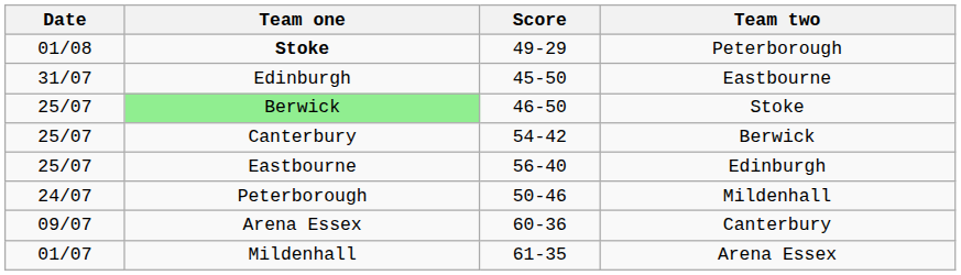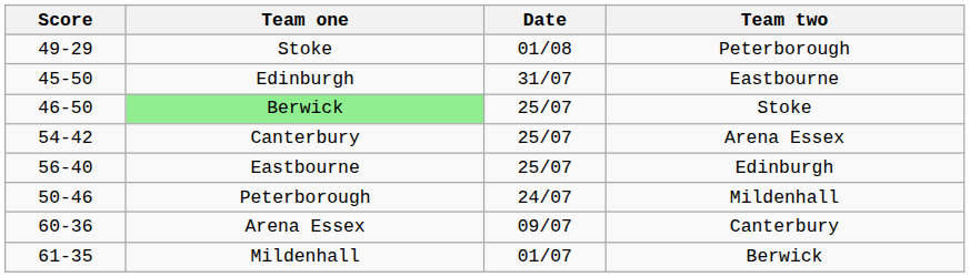 <table class="wikitable" style="text-align: center">
 <tr>
+<th width=80>Score</th>
+<th width=250>Team one</th>
 <th width=80>Date</th>
-<th width=250>Team one</th>
-<th width=80>Score</th>
 <th width=250>Team two</th>
 </tr>
 <tr>
+<td>49-29</td>
+<td>Stoke</td>
 <td>01/08</td>
-<td><strong>Stoke</strong></td>
-<td>49-29</td>
 <td>Peterborough</td>
 </tr>
 <tr>
+<td>45-50</td>
+<td>Edinburgh</td>
 <td>31/07</td>
-<td>Edinburgh</td>
-<td>45-50</td>
 <td>Eastbourne</td>
 </tr>
 <tr>
+<td>46-50</td>
+<td style="background: lightgreen;">Berwick</td>
 <td>25/07</td>
-<td style="background: lightgreen;">Berwick</td>
-<td>46-50</td>
 <td>Stoke</td>
 </tr>
 <tr>
+<td>54-42</td>
+<td>Canterbury</td>
 <td>25/07</td>
-<td>Canterbury</td>
-<td>54-42</td>
-<td>Berwick</td>
+<td>Arena Essex</td>
 </tr>
 <tr>
+<td>56-40</td>
+<td>Eastbourne</td>
 <td>25/07</td>
-<td>Eastbourne</td>
-<td>56-40</td>
 <td>Edinburgh</td>
 </tr>
 <tr>
+<td>50-46</td>
+<td>Peterborough</td>
 <td>24/07</td>
-<td>Peterborough</td>
-<td>50-46</td>
 <td>Mildenhall</td>
 </tr>
 <tr>
+<td>60-36</td>
+<td>Arena Essex</td>
 <td>09/07</td>
-<td>Arena Essex</td>
-<td>60-36</td>
 <td>Canterbury</td>
 </tr>
 <tr>
+<td>61-35</td>
+<td>Mildenhall</td>
 <td>01/07</td>
-<td>Mildenhall</td>
-<td>61-35</td>
-<td>Arena Essex</td>
+<td>Berwick</td>
 </tr>
 </table>
